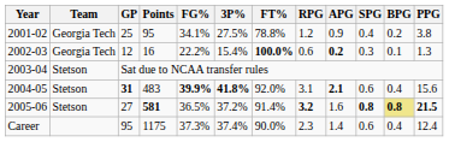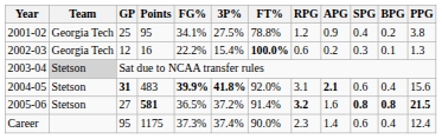 <table class="wikitable">
 <tr>
 <th>Year</th>
 <th>Team</th>
 <th>GP</th>
 <th>Points</th>
 <th>FG%</th>
 <th>3P%</th>
 <th>FT%</th>
 <th>RPG</th>
 <th>APG</th>
 <th>SPG</th>
 <th>BPG</th>
 <th>PPG</th>
 </tr>
 <tr>
 <td>2001-02</td>
 <td>Georgia Tech</td>
 <td>25</td>
 <td>95</td>
 <td>34.1%</td>
 <td>27.5%</td>
 <td>78.8%</td>
 <td>1.2</td>
 <td>0.9</td>
 <td>0.4</td>
 <td>0.2</td>
 <td>3.8</td>
 </tr>
 <tr>
 <td>2002-03</td>
 <td>Georgia Tech</td>
 <td>12</td>
 <td>16</td>
 <td>22.2%</td>
 <td>15.4%</td>
 <td><strong>100.0%</strong></td>
 <td>0.6</td>
-<td><strong>0.2</strong></td>
+<td>0.2</td>
 <td>0.3</td>
 <td>0.1</td>
 <td>1.3</td>
 </tr>
 <tr>
 <td>2003-04</td>
-<td>Stetson</td>
+<td style="background: lightgrey;">Stetson</td>
 <td colspan="10">Sat due to NCAA transfer rules</td>
 </tr>
 <tr>
 <td>2004-05</td>
 <td>Stetson</td>
 <td><strong>31</strong></td>
 <td>483</td>
 <td><strong>39.9%</strong></td>
 <td><strong>41.8%</strong></td>
 <td>92.0%</td>
 <td>3.1</td>
 <td><strong>2.1</strong></td>
 <td>0.6</td>
 <td>0.4</td>
 <td>15.6</td>
 </tr>
 <tr>
 <td>2005-06</td>
 <td>Stetson</td>
 <td>27</td>
 <td><strong>581</strong></td>
 <td>36.5%</td>
 <td>37.2%</td>
 <td>91.4%</td>
 <td><strong>3.2</strong></td>
 <td>1.6</td>
 <td><strong>0.8</strong></td>
-<td style="background: khaki;"><strong>0.8</strong></td>
+<td><strong>0.8</strong></td>
 <td><strong>21.5</strong></td>
 </tr>
 <tr>
 <td>Career</td>
 <td></td>
 <td>95</td>
 <td>1175</td>
 <td>37.3%</td>
 <td>37.4%</td>
 <td>90.0%</td>
 <td>2.3</td>
 <td>1.4</td>
 <td>0.6</td>
 <td>0.4</td>
 <td>12.4</td>
 </tr>
 </table>
